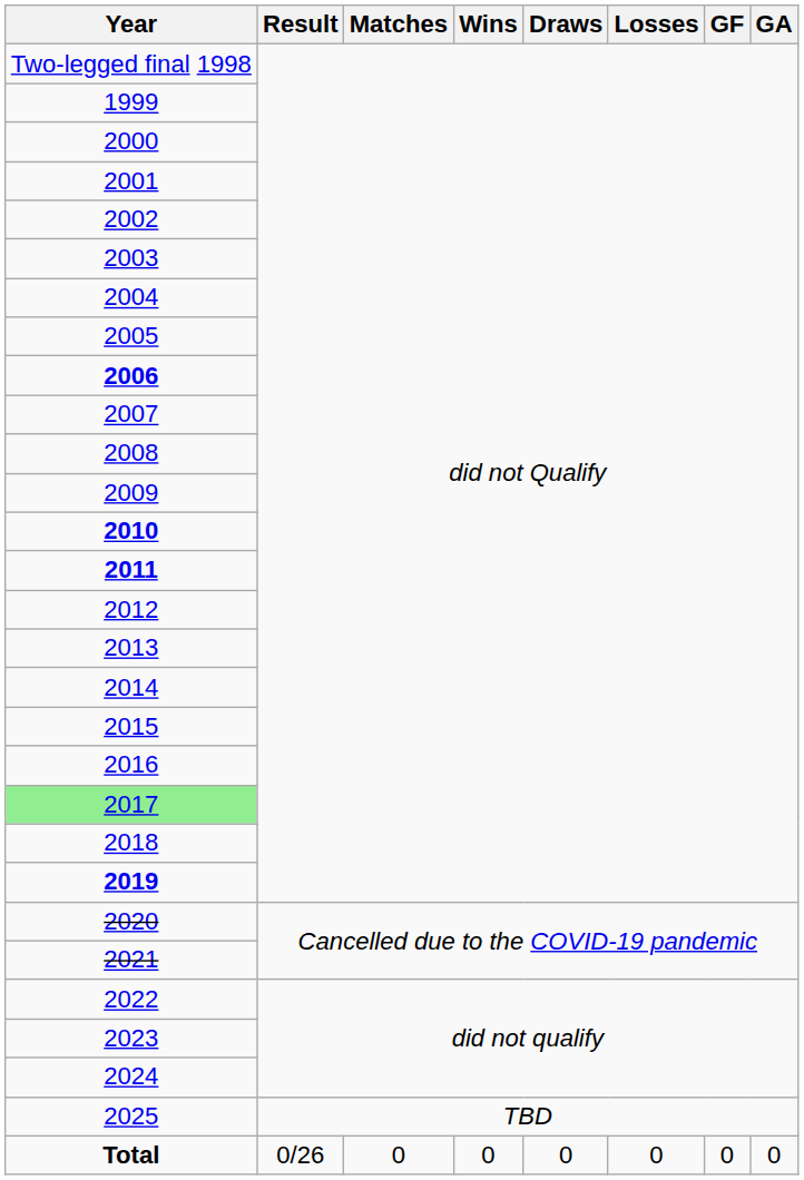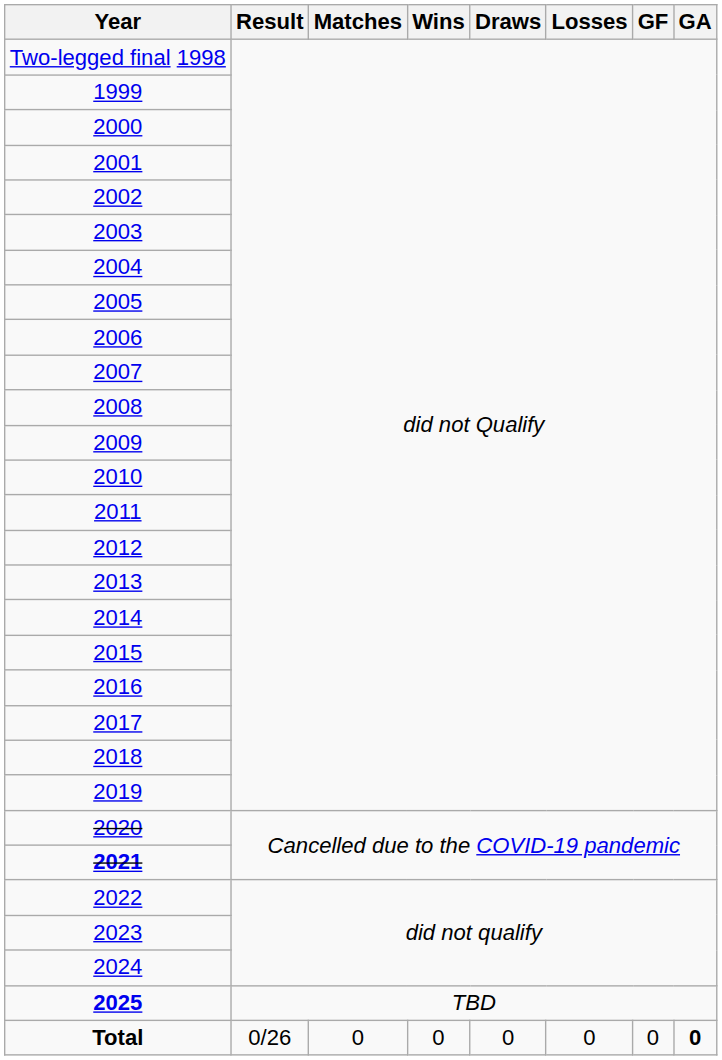 <table class="wikitable" style="text-align: center;">
 <tr>
 <th>Year</th>
 <th>Result</th>
 <th>Matches</th>
 <th>Wins</th>
 <th>Draws</th>
 <th>Losses</th>
 <th>GF</th>
 <th>GA</th>
 </tr>
 <tr>
 <td><a href='#'>Two-legged final</a> <a href='#'>1998</a></td>
 <td colspan=7 rowspan=22><em>did not Qualify</em></td>
 </tr>
 <tr>
 <td> <a href='#'>1999</a></td>
 </tr>
 <tr>
 <td> <a href='#'>2000</a></td>
 </tr>
 <tr>
 <td> <a href='#'>2001</a></td>
 </tr>
 <tr>
 <td> <a href='#'>2002</a></td>
 </tr>
 <tr>
 <td> <a href='#'>2003</a></td>
 </tr>
 <tr>
 <td> <a href='#'>2004</a></td>
 </tr>
 <tr>
 <td> <a href='#'>2005</a></td>
 </tr>
 <tr>
-<td><strong> <a href='#'>2006</a></strong></td>
+<td> <a href='#'>2006</a></td>
 </tr>
 <tr>
 <td> <a href='#'>2007</a></td>
 </tr>
 <tr>
 <td> <a href='#'>2008</a></td>
 </tr>
 <tr>
 <td> <a href='#'>2009</a></td>
 </tr>
 <tr>
-<td><strong> <a href='#'>2010</a></strong></td>
+<td> <a href='#'>2010</a></td>
 </tr>
 <tr>
-<td><strong> <a href='#'>2011</a></strong></td>
+<td> <a href='#'>2011</a></td>
 </tr>
 <tr>
 <td> <a href='#'>2012</a></td>
 </tr>
 <tr>
 <td> <a href='#'>2013</a></td>
 </tr>
 <tr>
 <td> <a href='#'>2014</a></td>
 </tr>
 <tr>
 <td> <a href='#'>2015</a></td>
 </tr>
 <tr>
 <td> <a href='#'>2016</a></td>
 </tr>
 <tr>
-<td style="background: lightgreen;"> <a href='#'>2017</a></td>
+<td> <a href='#'>2017</a></td>
 </tr>
 <tr>
 <td> <a href='#'>2018</a></td>
 </tr>
 <tr>
-<td><strong> <a href='#'>2019</a></strong></td>
+<td> <a href='#'>2019</a></td>
 </tr>
 <tr>
 <td> <s><a href='#'>2020</a></s></td>
 <td colspan=7 rowspan=2><em>Cancelled due to the <a href='#'>COVID-19 pandemic</a></em></td>
 </tr>
 <tr>
-<td> <s><a href='#'>2021</a></s></td>
+<td><strong> <s><a href='#'>2021</a></s></strong></td>
 </tr>
 <tr>
 <td> <a href='#'>2022</a></td>
 <td colspan=7 rowspan=3><em>did not qualify</em></td>
 </tr>
 <tr>
 <td> <a href='#'>2023</a></td>
 </tr>
 <tr>
 <td> <a href='#'>2024</a></td>
 </tr>
 <tr>
-<td> <a href='#'>2025</a></td>
+<td><strong> <a href='#'>2025</a></strong></td>
 <td colspan=8><em>TBD</em></td>
 </tr>
 <tr>
 <td><strong>Total</strong></td>
 <td>0/26</td>
 <td>0</td>
 <td>0</td>
 <td>0</td>
 <td>0</td>
 <td>0</td>
-<td>0</td>
+<td><strong>0</strong></td>
 </tr>
 </table>
